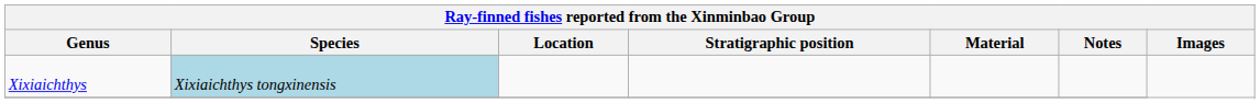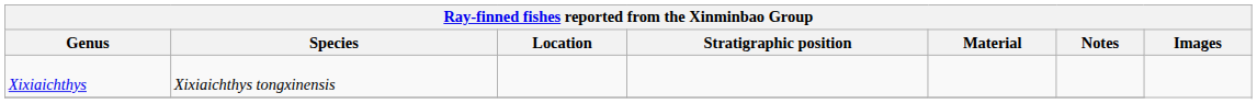 <table class="wikitable" align="center" width="100%">
 <tr>
 <th colspan="7" align="center"><strong><a href='#'>Ray-finned fishes</a> reported from the Xinminbao Group</strong></th>
 </tr>
 <tr>
 <th>Genus</th>
 <th>Species</th>
 <th>Location</th>
 <th>Stratigraphic position</th>
 <th>Material</th>
 <th>Notes</th>
 <th>Images</th>
 </tr>
 <tr>
 <td><br><em><a href='#'>Xixiaichthys</a></em></td>
-<td style="background: lightblue;"><br><em>Xixiaichthys tongxinensis</em></td>
+<td><br><em>Xixiaichthys tongxinensis</em></td>
 <td></td>
 <td></td>
 <td></td>
 <td></td>
 <td rowspan="99"></td>
 </tr>
 <tr>
 </tr>
 </table>
